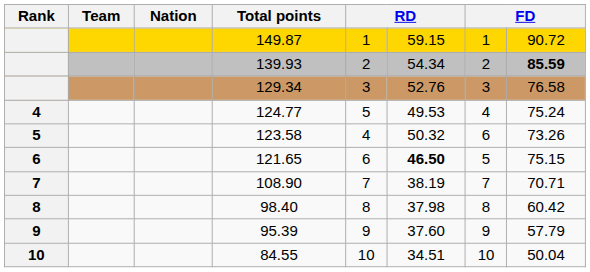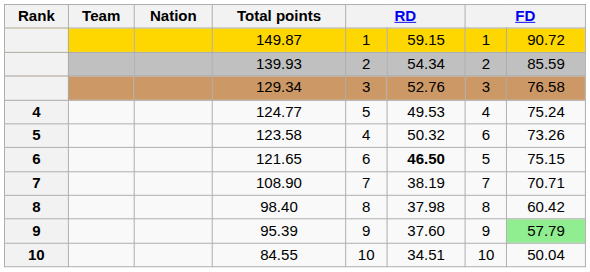 <table class="wikitable sortable" style="text-align:center;" width="70%">
 <tr>
 <th scope="col">Rank</th>
 <th scope="col">Team</th>
 <th scope="col">Nation</th>
 <th scope="col">Total points</th>
 <th scope="col" colspan="2" width="80px"><a href='#'>RD</a></th>
 <th scope="col" colspan="2" width="80px"><a href='#'>FD</a></th>
 </tr>
 <tr bgcolor="gold">
 <th scope="row"></th>
 <td align="left"></td>
 <td align="left"></td>
 <td>149.87</td>
 <td>1</td>
 <td>59.15</td>
 <td>1</td>
 <td>90.72</td>
 </tr>
 <tr bgcolor="silver">
 <th scope="row"></th>
 <td align="left"></td>
 <td align="left"></td>
 <td>139.93</td>
 <td>2</td>
 <td>54.34</td>
 <td>2</td>
-<td><strong>85.59</strong></td>
+<td>85.59</td>
 </tr>
 <tr bgcolor="cc9966">
 <th scope="row"></th>
 <td align="left"></td>
 <td align="left"></td>
 <td>129.34</td>
 <td>3</td>
 <td>52.76</td>
 <td>3</td>
 <td>76.58</td>
 </tr>
 <tr>
 <th scope="row">4</th>
 <td align="left"></td>
 <td align="left"></td>
 <td>124.77</td>
 <td>5</td>
 <td>49.53</td>
 <td>4</td>
 <td>75.24</td>
 </tr>
 <tr>
 <th scope="row">5</th>
 <td align="left"></td>
 <td align="left"></td>
 <td>123.58</td>
 <td>4</td>
 <td>50.32</td>
 <td>6</td>
 <td>73.26</td>
 </tr>
 <tr>
 <th scope="row">6</th>
 <td align="left"></td>
 <td align="left"></td>
 <td>121.65</td>
 <td>6</td>
 <td><strong>46.50</strong></td>
 <td>5</td>
 <td>75.15</td>
 </tr>
 <tr>
 <th scope="row">7</th>
 <td align="left"></td>
 <td align="left"></td>
 <td>108.90</td>
 <td>7</td>
 <td>38.19</td>
 <td>7</td>
 <td>70.71</td>
 </tr>
 <tr>
 <th scope="row">8</th>
 <td align="left"></td>
 <td align="left"></td>
 <td>98.40</td>
 <td>8</td>
 <td>37.98</td>
 <td>8</td>
 <td>60.42</td>
 </tr>
 <tr>
 <th scope="row">9</th>
 <td align="left"></td>
 <td align="left"></td>
 <td>95.39</td>
 <td>9</td>
 <td>37.60</td>
 <td>9</td>
-<td>57.79</td>
+<td style="background: lightgreen;">57.79</td>
 </tr>
 <tr>
 <th scope="row">10</th>
 <td align="left"></td>
 <td align="left"></td>
 <td>84.55</td>
 <td>10</td>
 <td>34.51</td>
 <td>10</td>
 <td>50.04</td>
 </tr>
 </table>
